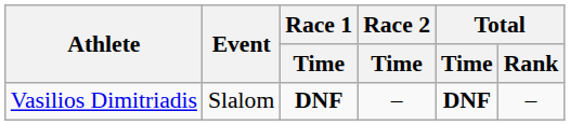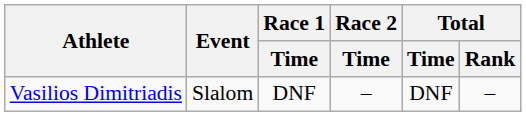 <table class="wikitable" style="font-size:90%">
 <tr>
 <th rowspan="2">Athlete</th>
 <th rowspan="2">Event</th>
 <th>Race 1</th>
 <th>Race 2</th>
 <th colspan="2">Total</th>
 </tr>
 <tr>
 <th>Time</th>
 <th>Time</th>
 <th>Time</th>
 <th>Rank</th>
 </tr>
 <tr>
 <td><a href='#'>Vasilios Dimitriadis</a></td>
 <td>Slalom</td>
-<td align="center"><strong>DNF</strong></td>
+<td align="center">DNF</td>
 <td align="center">–</td>
-<td align="center"><strong>DNF</strong></td>
+<td align="center">DNF</td>
 <td align="center">–</td>
 </tr>
 </table>
